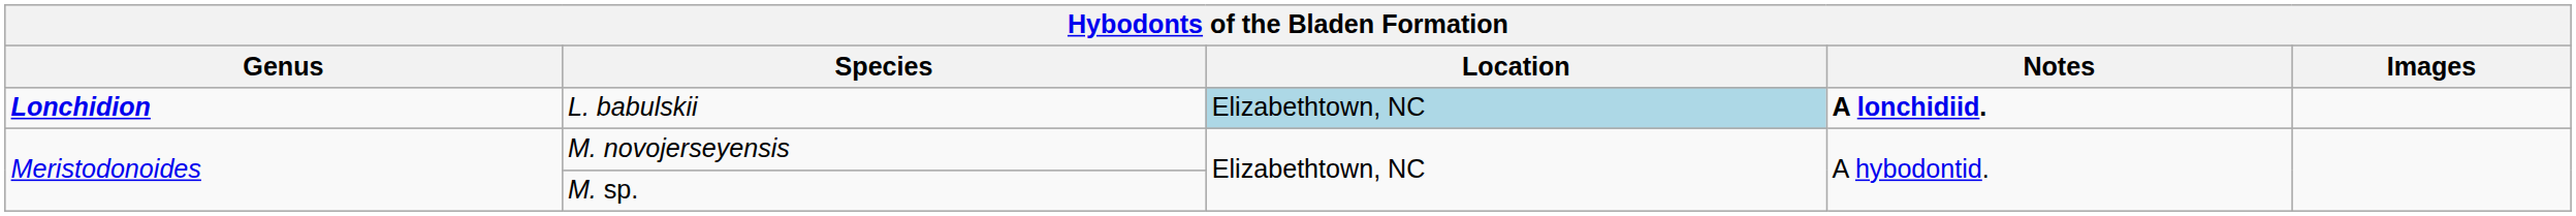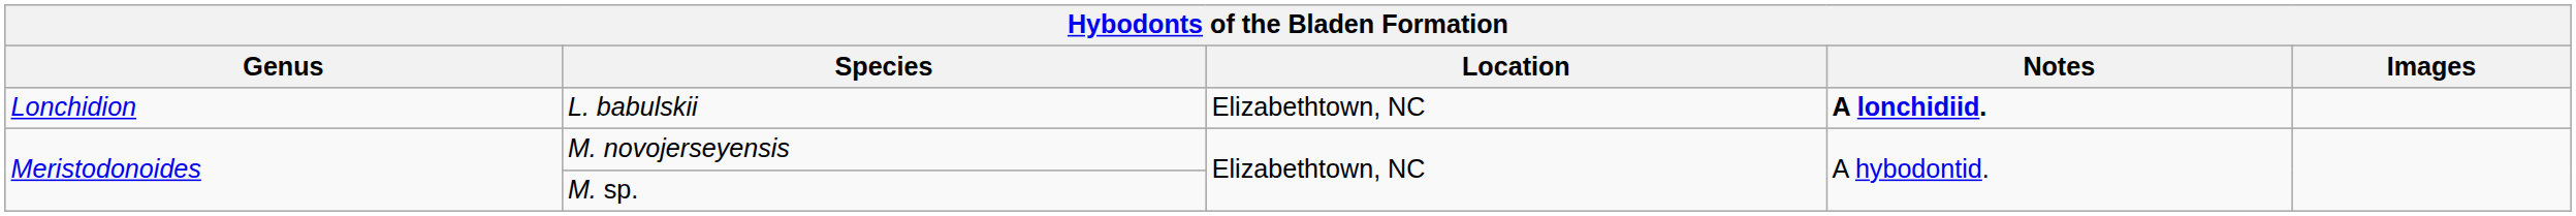 <table class="wikitable" width="100%" align="center">
 <tr>
 <th colspan="6" align="center"><strong><a href='#'>Hybodonts</a> of the Bladen Formation</strong></th>
 </tr>
 <tr>
 <th>Genus</th>
 <th>Species</th>
 <th>Location</th>
 <th>Notes</th>
 <th>Images</th>
 </tr>
 <tr>
-<td><strong><em><a href='#'>Lonchidion</a></em></strong></td>
+<td><em><a href='#'>Lonchidion</a></em></td>
 <td><em>L. babulskii</em></td>
-<td style="background: lightblue;">Elizabethtown, NC</td>
+<td>Elizabethtown, NC</td>
 <td><strong>A <a href='#'>lonchidiid</a>.</strong></td>
 <td></td>
 </tr>
 <tr>
 <td rowspan="2"><em><a href='#'>Meristodonoides</a></em></td>
 <td><em>M. novojerseyensis</em></td>
 <td rowspan="2">Elizabethtown, NC</td>
 <td rowspan="2">A <a href='#'>hybodontid</a>.</td>
 <td rowspan="2"></td>
 </tr>
 <tr>
 <td><em>M.</em> sp.</td>
 </tr>
 </table>
